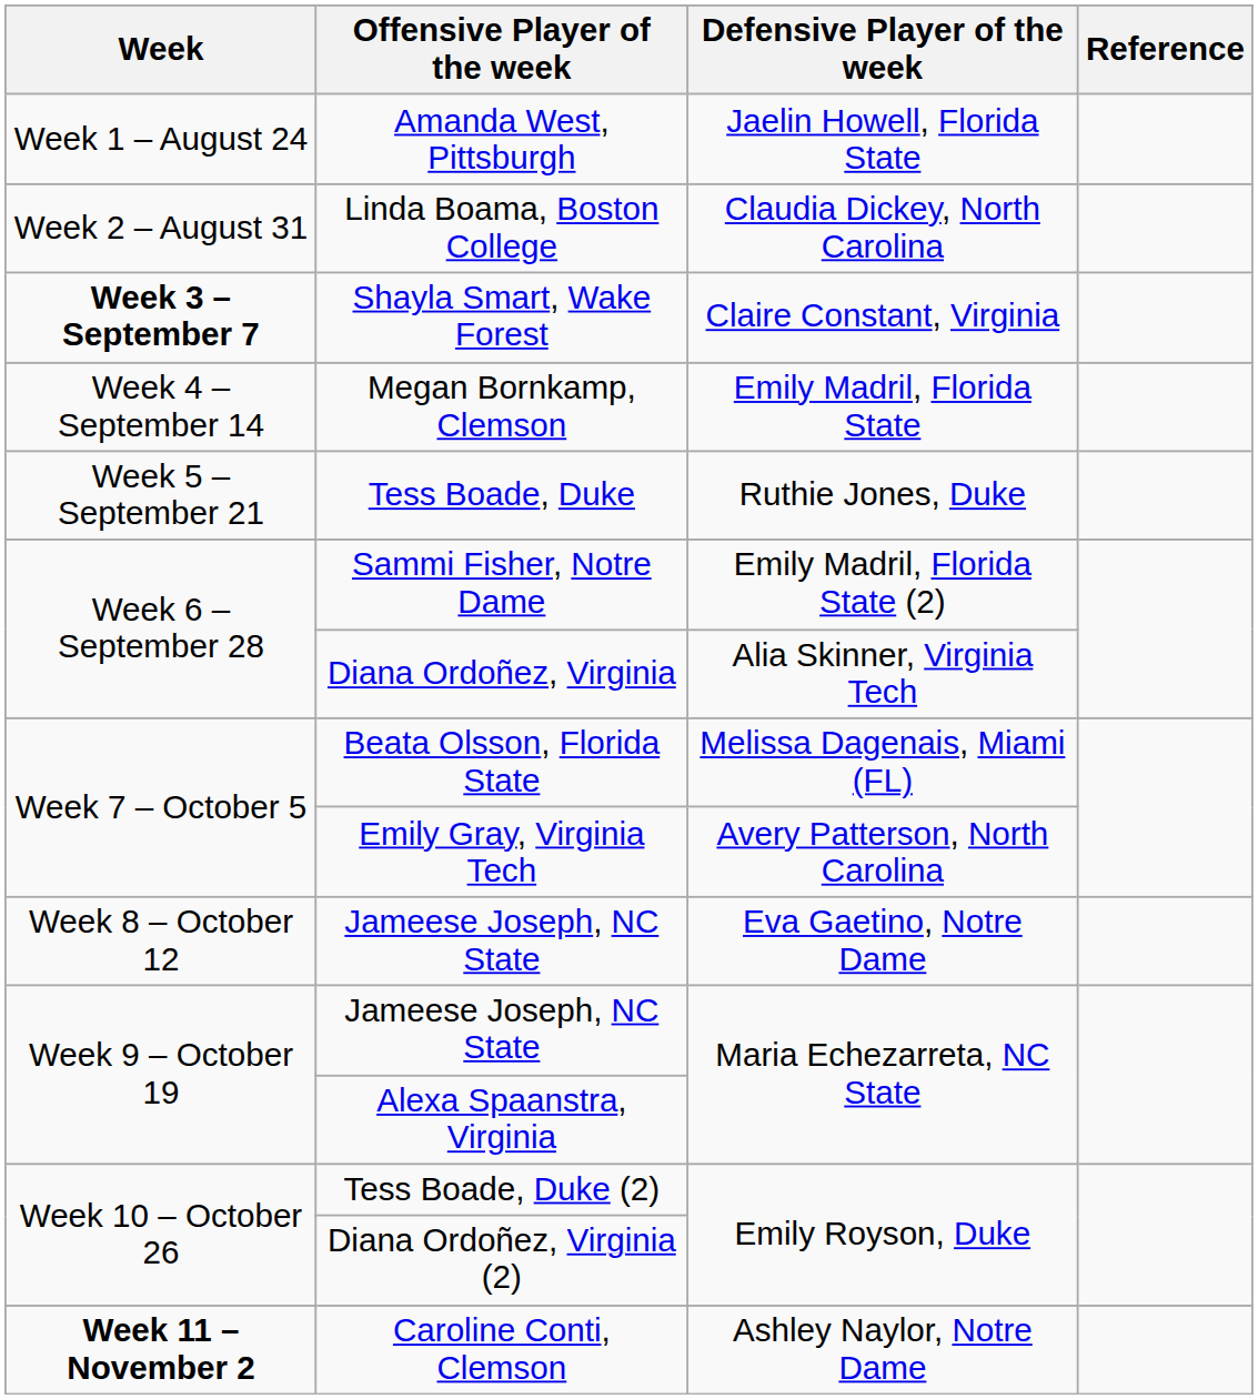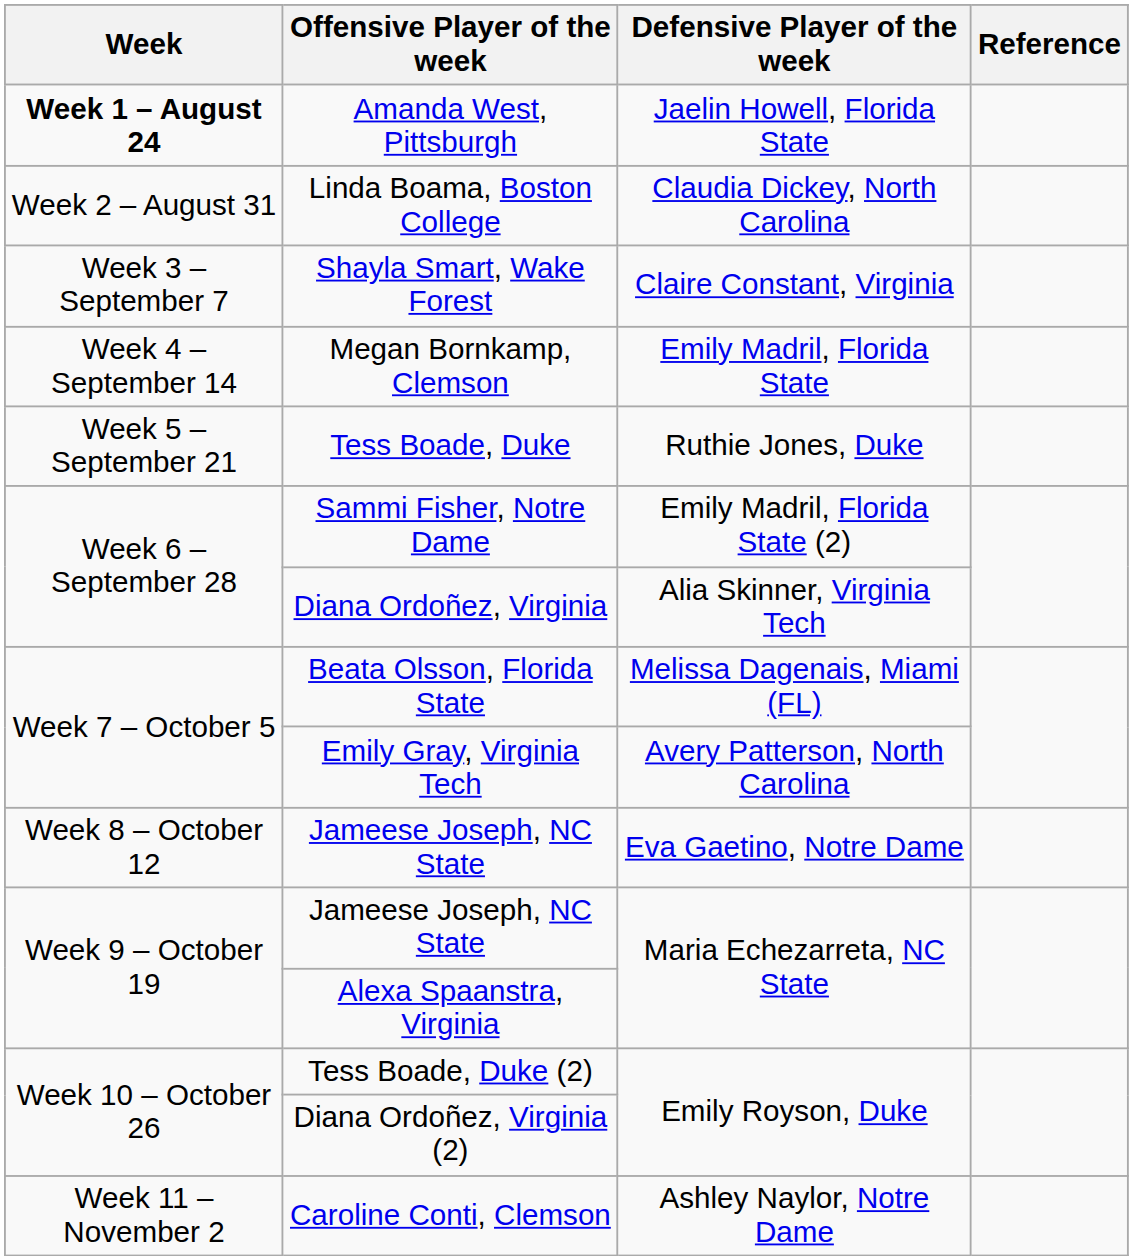 <table class="wikitable" border="1" style="text-align:center">
 <tr>
 <th>Week</th>
 <th>Offensive Player of the week</th>
 <th>Defensive Player of the week</th>
 <th>Reference</th>
 </tr>
 <tr>
-<td>Week 1 – August 24</td>
+<td><strong>Week 1 – August 24</strong></td>
 <td><a href='#'>Amanda West</a>, <a href='#'>Pittsburgh</a></td>
 <td><a href='#'>Jaelin Howell</a>, <a href='#'>Florida State</a></td>
 <td></td>
 </tr>
 <tr>
 <td>Week 2 – August 31</td>
 <td>Linda Boama, <a href='#'>Boston College</a></td>
 <td><a href='#'>Claudia Dickey</a>, <a href='#'>North Carolina</a></td>
 <td></td>
 </tr>
 <tr>
-<td><strong>Week 3 – September 7</strong></td>
+<td>Week 3 – September 7</td>
 <td><a href='#'>Shayla Smart</a>, <a href='#'>Wake Forest</a></td>
 <td><a href='#'>Claire Constant</a>, <a href='#'>Virginia</a></td>
 <td></td>
 </tr>
 <tr>
 <td>Week 4 – September 14</td>
 <td>Megan Bornkamp, <a href='#'>Clemson</a></td>
 <td><a href='#'>Emily Madril</a>, <a href='#'>Florida State</a></td>
 <td></td>
 </tr>
 <tr>
 <td>Week 5 – September 21</td>
 <td><a href='#'>Tess Boade</a>, <a href='#'>Duke</a></td>
 <td>Ruthie Jones, <a href='#'>Duke</a></td>
 <td></td>
 </tr>
 <tr>
 <td rowspan=2>Week 6 – September 28</td>
 <td><a href='#'>Sammi Fisher</a>, <a href='#'>Notre Dame</a></td>
 <td>Emily Madril, <a href='#'>Florida State</a> (2)</td>
 <td rowspan=2></td>
 </tr>
 <tr>
 <td><a href='#'>Diana Ordoñez</a>, <a href='#'>Virginia</a></td>
 <td>Alia Skinner, <a href='#'>Virginia Tech</a></td>
 </tr>
 <tr>
 <td rowspan=2>Week 7 – October 5</td>
 <td><a href='#'>Beata Olsson</a>, <a href='#'>Florida State</a></td>
 <td><a href='#'>Melissa Dagenais</a>, <a href='#'>Miami (FL)</a></td>
 <td rowspan=2></td>
 </tr>
 <tr>
 <td><a href='#'>Emily Gray</a>, <a href='#'>Virginia Tech</a></td>
 <td><a href='#'>Avery Patterson</a>, <a href='#'>North Carolina</a></td>
 </tr>
 <tr>
 <td>Week 8 – October 12</td>
 <td><a href='#'>Jameese Joseph</a>, <a href='#'>NC State</a></td>
 <td><a href='#'>Eva Gaetino</a>, <a href='#'>Notre Dame</a></td>
 <td></td>
 </tr>
 <tr>
 <td rowspan=2>Week 9 – October 19</td>
 <td>Jameese Joseph, <a href='#'>NC State</a></td>
 <td rowspan=2>Maria Echezarreta, <a href='#'>NC State</a></td>
 <td rowspan=2></td>
 </tr>
 <tr>
 <td><a href='#'>Alexa Spaanstra</a>, <a href='#'>Virginia</a></td>
 </tr>
 <tr>
 <td rowspan=2>Week 10 – October 26</td>
 <td>Tess Boade, <a href='#'>Duke</a> (2)</td>
 <td rowspan=2>Emily Royson, <a href='#'>Duke</a></td>
 <td rowspan=2></td>
 </tr>
 <tr>
 <td>Diana Ordoñez, <a href='#'>Virginia</a> (2)</td>
 </tr>
 <tr>
-<td><strong>Week 11 – November 2</strong></td>
+<td>Week 11 – November 2</td>
 <td><a href='#'>Caroline Conti</a>, <a href='#'>Clemson</a></td>
 <td>Ashley Naylor, <a href='#'>Notre Dame</a></td>
 <td></td>
 </tr>
 </table>
